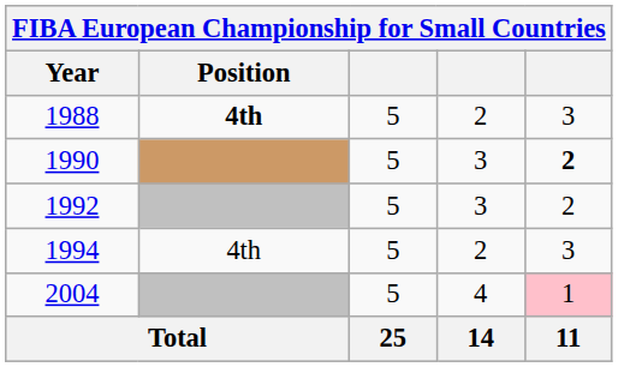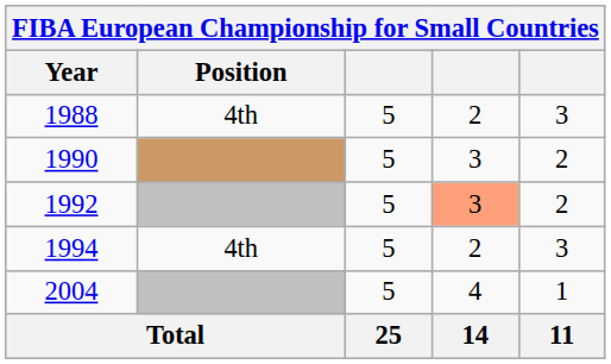 <table class="wikitable" style="text-align: center;font-size:90%;">
 <tr>
 <th colspan=5><a href='#'>FIBA European Championship for Small Countries</a></th>
 </tr>
 <tr>
 <th>Year</th>
 <th>Position</th>
 <th width=40></th>
 <th width=40></th>
 <th width=40></th>
 </tr>
 <tr>
 <td> <a href='#'>1988</a></td>
-<td><strong>4th</strong></td>
+<td>4th</td>
 <td>5</td>
 <td>2</td>
 <td>3</td>
 </tr>
 <tr>
 <td> <a href='#'>1990</a></td>
 <td bgcolor=#cc9966></td>
 <td>5</td>
 <td>3</td>
-<td><strong>2</strong></td>
+<td>2</td>
 </tr>
 <tr>
 <td> <a href='#'>1992</a></td>
 <td bgcolor=silver></td>
 <td>5</td>
-<td>3</td>
+<td style="background: lightsalmon;">3</td>
 <td>2</td>
 </tr>
 <tr>
 <td> <a href='#'>1994</a></td>
 <td>4th</td>
 <td>5</td>
 <td>2</td>
 <td>3</td>
 </tr>
 <tr>
 <td> <a href='#'>2004</a></td>
 <td bgcolor=silver></td>
 <td>5</td>
 <td>4</td>
-<td style="background: pink;">1</td>
+<td>1</td>
 </tr>
 <tr>
 <th colspan=2>Total</th>
 <th>25</th>
 <th>14</th>
 <th>11</th>
 </tr>
 </table>
